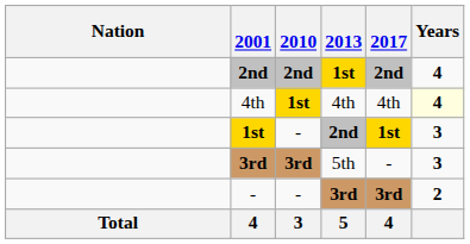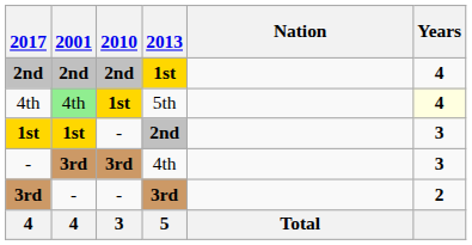 <table class="wikitable" style="text-align:center; font-size:90%">
 <tr>
-<th width=170>Nation</th>
+<th><br><a href='#'>2017</a></th>
 <th><br><a href='#'>2001</a></th>
 <th><br><a href='#'>2010</a></th>
 <th><br><a href='#'>2013</a></th>
-<th><br><a href='#'>2017</a></th>
+<th width=170>Nation</th>
 <th>Years</th>
 </tr>
 <tr>
-<td align=left></td>
+<td bgcolor=silver><strong>2nd</strong></td>
 <td bgcolor=silver><strong>2nd</strong></td>
 <td bgcolor=silver><strong>2nd</strong></td>
 <td bgcolor=gold><strong>1st</strong></td>
-<td bgcolor=silver><strong>2nd</strong></td>
+<td align=left></td>
 <td><strong>4</strong></td>
 </tr>
 <tr>
+<td>4th</td>
+<td style="background: lightgreen;">4th</td>
+<td bgcolor=gold><strong>1st</strong></td>
+<td>5th</td>
 <td align=left></td>
-<td>4th</td>
-<td bgcolor=gold><strong>1st</strong></td>
-<td>4th</td>
-<td>4th</td>
 <td style="background: lightyellow;"><strong>4</strong></td>
 </tr>
 <tr>
-<td align=left></td>
+<td bgcolor=gold><strong>1st</strong></td>
 <td bgcolor=gold><strong>1st</strong></td>
 <td>-</td>
 <td bgcolor=silver><strong>2nd</strong></td>
-<td bgcolor=gold><strong>1st</strong></td>
+<td align=left></td>
 <td><strong>3</strong></td>
 </tr>
 <tr>
-<td align=left></td>
+<td>-</td>
 <td bgcolor=#cc9966><strong>3rd</strong></td>
 <td bgcolor=#cc9966><strong>3rd</strong></td>
-<td>5th</td>
-<td>-</td>
+<td>4th</td>
+<td align=left></td>
 <td><strong>3</strong></td>
 </tr>
 <tr>
-<td align=left></td>
+<td bgcolor=#cc9966><strong>3rd</strong></td>
 <td>-</td>
 <td>-</td>
 <td bgcolor=#cc9966><strong>3rd</strong></td>
-<td bgcolor=#cc9966><strong>3rd</strong></td>
+<td align=left></td>
 <td><strong>2</strong></td>
 </tr>
 <tr>
-<th>Total</th>
+<th>4</th>
 <th>4</th>
 <th>3</th>
 <th>5</th>
-<th>4</th>
+<th>Total</th>
 <th></th>
 </tr>
 </table>
